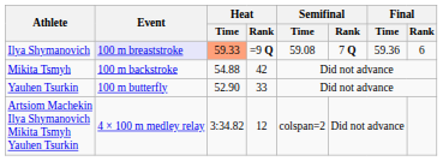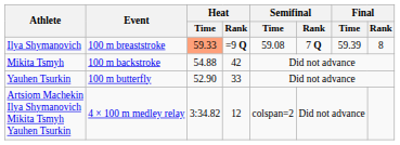 <table class=wikitable style="font-size:90%">
 <tr>
 <th rowspan="2">Athlete</th>
 <th rowspan="2">Event</th>
 <th colspan="2">Heat</th>
 <th colspan="2">Semifinal</th>
 <th colspan="2">Final</th>
 </tr>
 <tr style="font-size:95%">
 <th>Time</th>
 <th>Rank</th>
 <th>Time</th>
 <th>Rank</th>
 <th>Time</th>
 <th>Rank</th>
 </tr>
 <tr align=center>
 <td align=left><a href='#'>Ilya Shymanovich</a></td>
-<td align=left style="background: lavender;"><a href='#'>100 m breaststroke</a></td>
+<td align=left><a href='#'>100 m breaststroke</a></td>
 <td style="background: lightsalmon;">59.33</td>
 <td>=9 <strong>Q</strong></td>
 <td>59.08</td>
 <td>7 <strong>Q</strong></td>
-<td>59.36</td>
-<td>6</td>
+<td>59.39</td>
+<td>8</td>
 </tr>
 <tr align=center>
 <td align=left><a href='#'>Mikita Tsmyh</a></td>
 <td align=left><a href='#'>100 m backstroke</a></td>
 <td>54.88</td>
 <td>42</td>
 <td colspan="4">Did not advance</td>
 </tr>
 <tr align=center>
 <td align=left><a href='#'>Yauhen Tsurkin</a></td>
 <td align=left><a href='#'>100 m butterfly</a></td>
 <td>52.90</td>
 <td>33</td>
 <td colspan="4">Did not advance</td>
 </tr>
 <tr align=center>
 <td align=left><a href='#'>Artsiom Machekin</a><br><a href='#'>Ilya Shymanovich</a><br><a href='#'>Mikita Tsmyh</a><br><a href='#'>Yauhen Tsurkin</a></td>
 <td align=left><a href='#'>4 × 100 m medley relay</a></td>
 <td>3:34.82</td>
 <td>12</td>
 <td>colspan=2 </td>
 <td colspan="2">Did not advance</td>
 </tr>
 </table>
